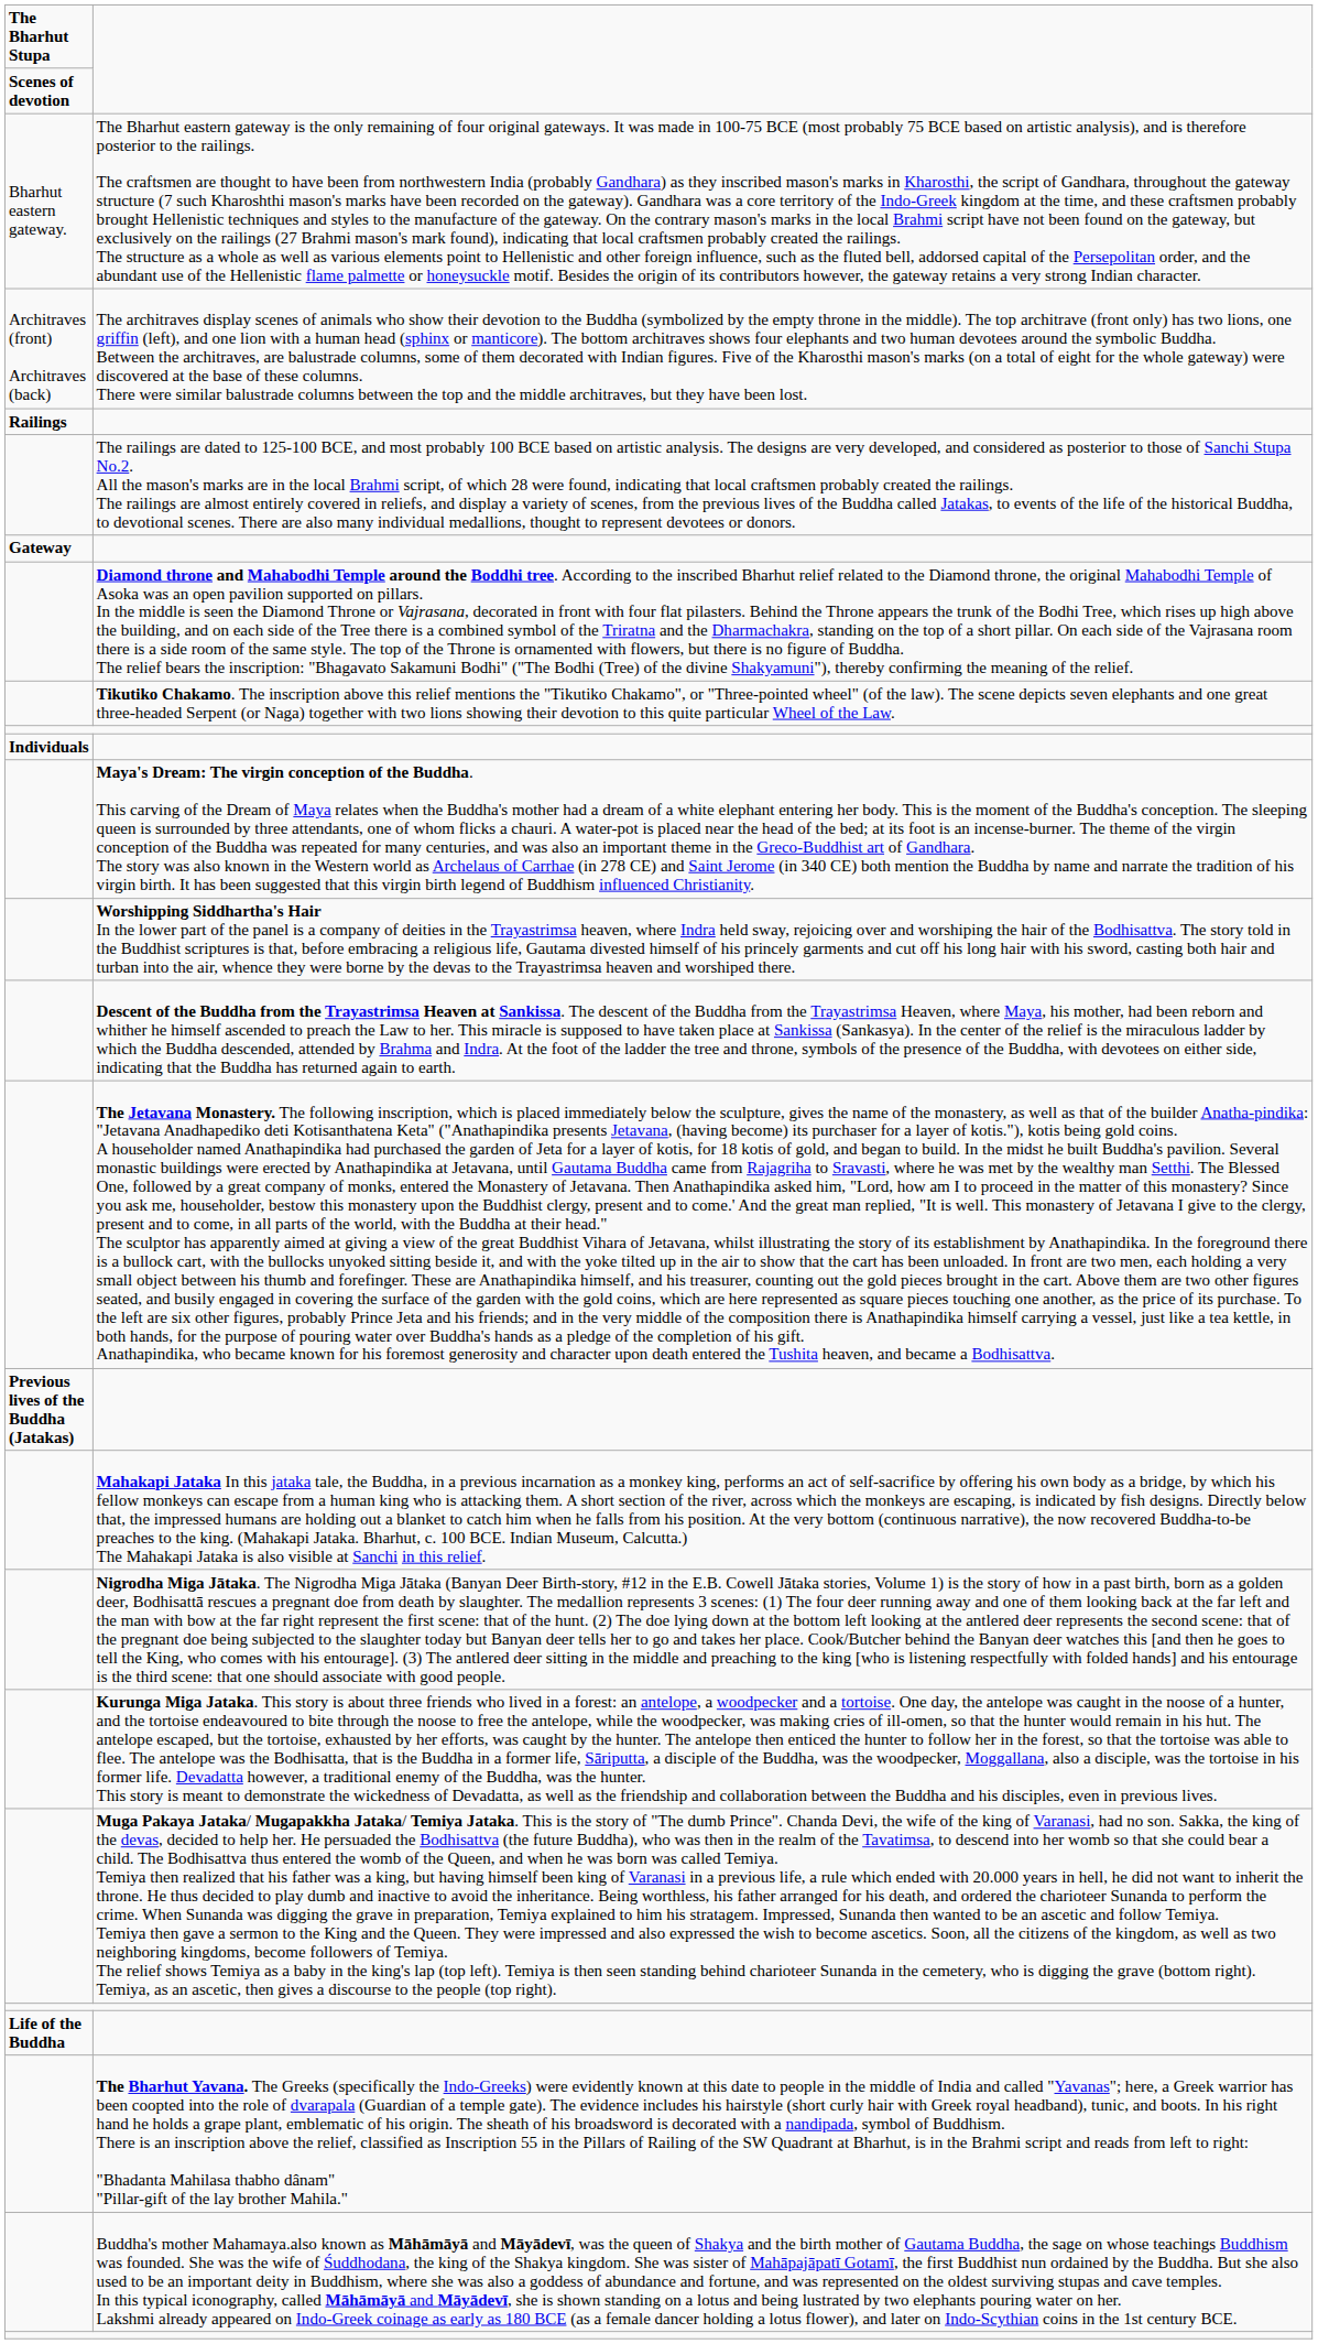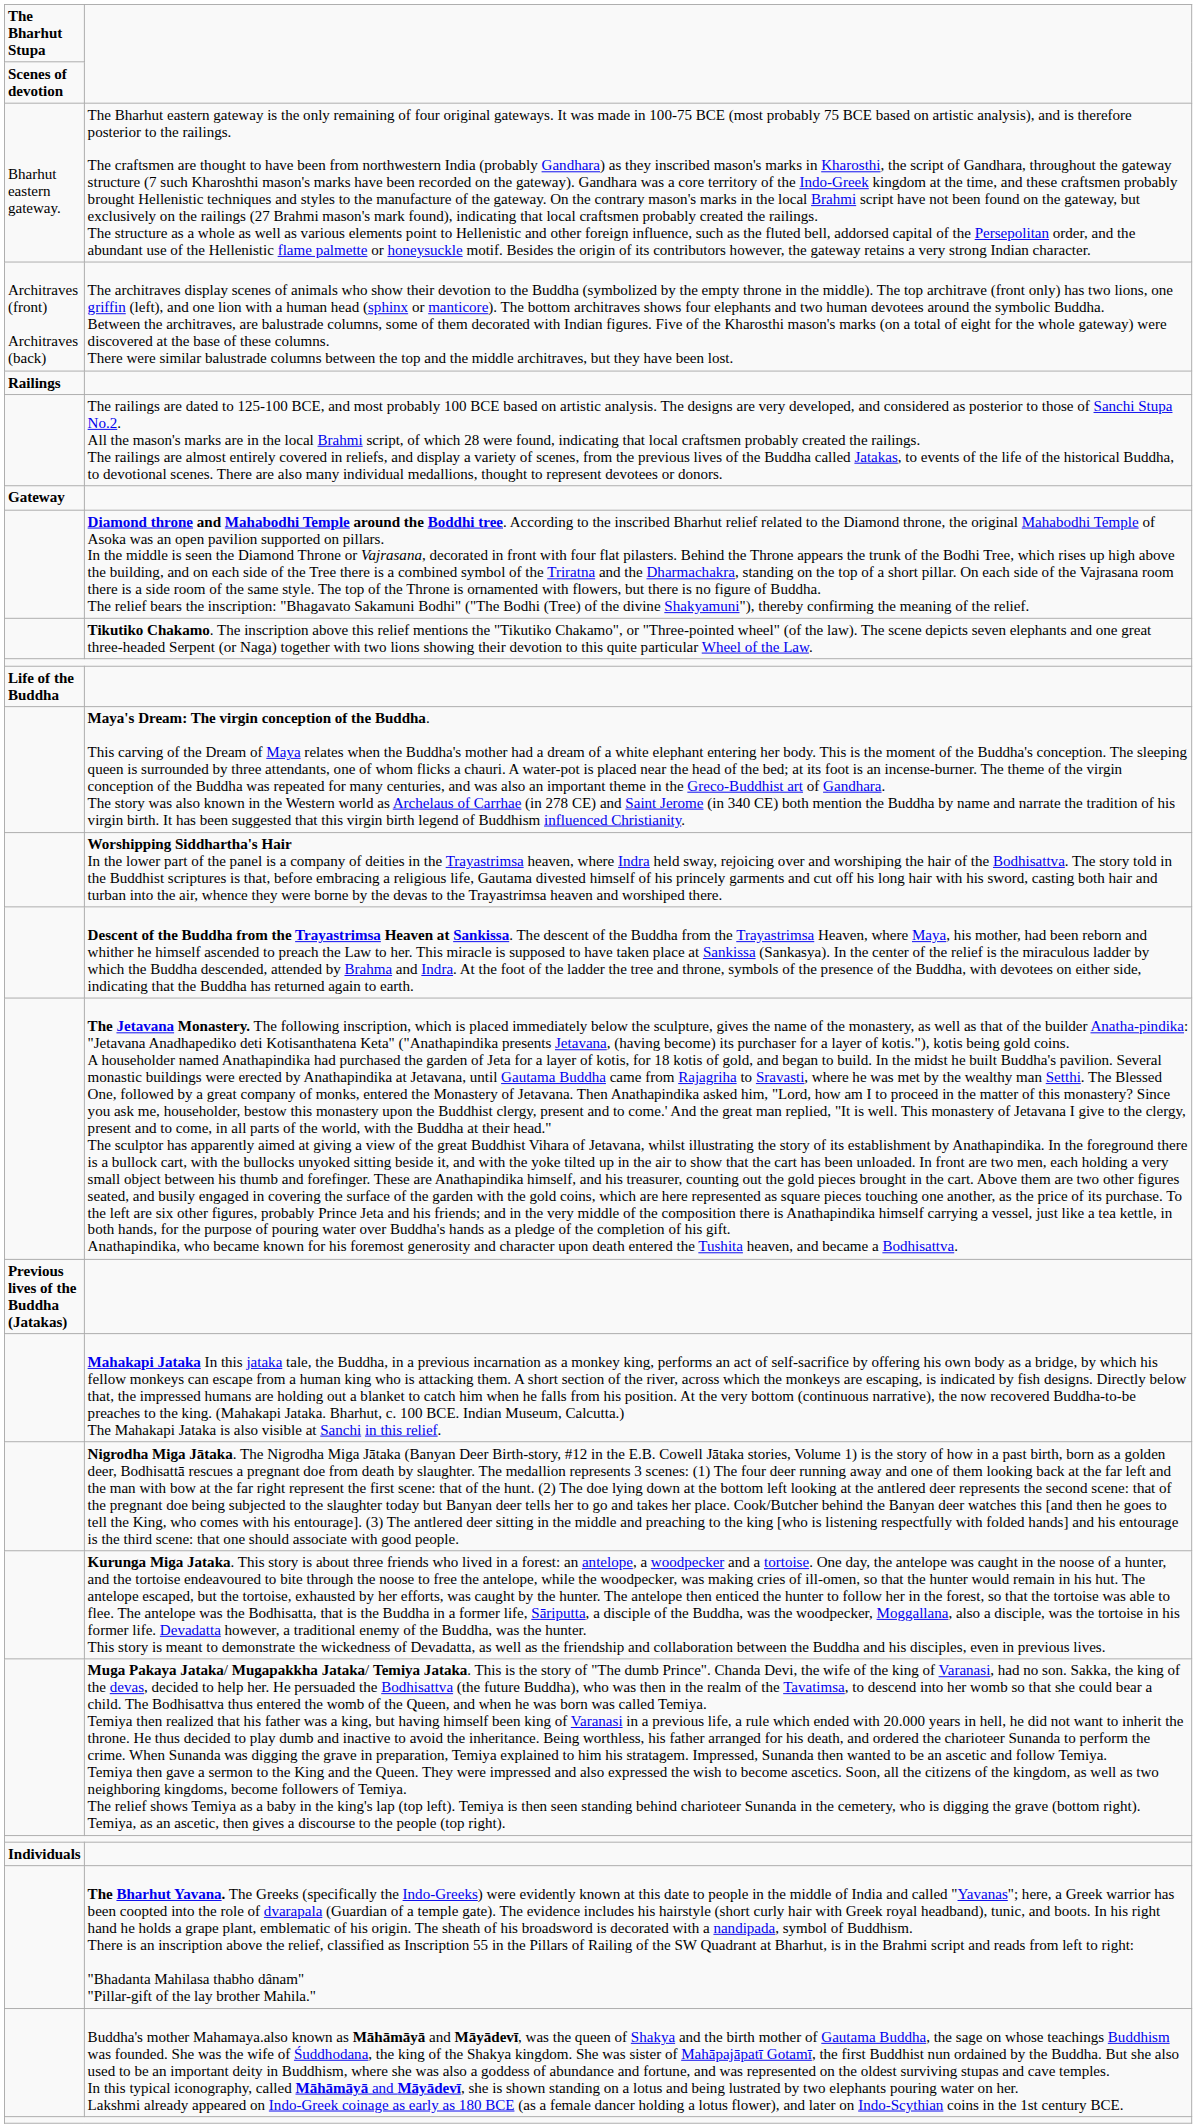 <table class="wikitable" style="margin:0 auto;"  align="center"  colspan="2" cellpadding="3" style="font-size: 80%; width: 100%;">
 <tr>
 <td state = ><strong>The Bharhut Stupa</strong></td>
 </tr>
 <tr>
 <td state = ><strong>Scenes of devotion</strong></td>
 </tr>
 <tr>
 <td><br>Bharhut eastern gateway.</td>
 <td>The Bharhut eastern gateway is the only remaining of four original gateways. It was made in 100-75 BCE (most probably 75 BCE based on artistic analysis), and is therefore posterior to the railings.<br><br>  The craftsmen are thought to have been from northwestern India (probably <a href='#'>Gandhara</a>) as they inscribed mason's marks in <a href='#'>Kharosthi</a>, the script of Gandhara, throughout the gateway structure (7 such Kharoshthi mason's marks have been recorded on the gateway). Gandhara was a core territory of the <a href='#'>Indo-Greek</a> kingdom at the time, and these craftsmen probably brought Hellenistic techniques and styles to the manufacture of the gateway. On the contrary mason's marks in the local <a href='#'>Brahmi</a> script have not been found on the gateway, but exclusively on the railings (27 Brahmi mason's mark found), indicating that local craftsmen probably created the railings.<br>The structure as a whole as well as various elements point to Hellenistic and other foreign influence, such as the fluted bell, addorsed capital of the <a href='#'>Persepolitan</a> order, and the abundant use of the Hellenistic <a href='#'>flame palmette</a> or <a href='#'>honeysuckle</a> motif. Besides the origin of its contributors however, the gateway retains a very strong Indian character.</td>
 </tr>
 <tr>
 <td><br>Architraves (front)<br><br>Architraves (back)</td>
 <td><br>The architraves display scenes of animals who show their devotion to the Buddha (symbolized by the empty throne in the middle). The top architrave (front only) has two lions, one <a href='#'>griffin</a> (left), and one lion with a human head (<a href='#'>sphinx</a> or <a href='#'>manticore</a>). The bottom architraves shows four elephants and two human devotees around the symbolic Buddha.<br> Between the architraves, are balustrade columns, some of them decorated with Indian figures. Five of the Kharosthi mason's marks (on a total of eight for the whole gateway) were discovered at the base of these columns.<br> There were similar balustrade columns between the top and the middle architraves, but they have been lost.</td>
 </tr>
 <tr>
 <td state = ><strong>Railings</strong></td>
 </tr>
 <tr>
 <td></td>
 <td>The railings are dated to 125-100 BCE, and most probably 100 BCE based on artistic analysis. The designs are very developed, and considered as posterior to those of <a href='#'>Sanchi Stupa No.2</a>.<br>All the mason's marks are in the local <a href='#'>Brahmi</a> script, of which 28 were found, indicating that local craftsmen probably created the railings.<br>The railings are almost entirely covered in reliefs, and display a variety of scenes, from the previous lives of the Buddha called <a href='#'>Jatakas</a>, to events of the life of the historical Buddha, to devotional scenes. There are also many individual medallions, thought to represent devotees or donors.</td>
 </tr>
 <tr>
 <td state = ><strong>Gateway</strong></td>
 </tr>
 <tr>
 <td align="center" style="font-size: 100%; width: 1%;"></td>
 <td><strong><a href='#'>Diamond throne</a> and <a href='#'>Mahabodhi Temple</a> around the <a href='#'>Boddhi tree</a></strong>. According to the inscribed Bharhut relief related to the Diamond throne, the original <a href='#'>Mahabodhi Temple</a> of Asoka was an open pavilion supported on pillars.<br> In the middle is seen the Diamond Throne or <em>Vajrasana</em>, decorated in front with four flat pilasters. Behind the Throne appears the trunk of the Bodhi Tree, which rises up high above the building, and on each side of the Tree there is a combined symbol of the <a href='#'>Triratna</a> and the <a href='#'>Dharmachakra</a>, standing on the top of a short pillar. On each side of the Vajrasana room there is a side room of the same style. The top of the Throne is ornamented with flowers, but there is no figure of Buddha.<br>The relief bears the inscription: "Bhagavato Sakamuni Bodhi" ("The Bodhi (Tree) of the divine <a href='#'>Shakyamuni</a>"), thereby confirming the meaning of the relief.</td>
 </tr>
 <tr>
 <td></td>
 <td><strong>Tikutiko Chakamo</strong>. The inscription above this relief mentions the "Tikutiko Chakamo", or "Three-pointed wheel" (of the law). The scene depicts seven elephants and one great three-headed Serpent (or Naga) together with two lions showing their devotion to this quite particular <a href='#'>Wheel of the Law</a>.</td>
 </tr>
 <tr>
 <td colspan=2></td>
 </tr>
 <tr>
-<td state = ><strong>Individuals</strong></td>
+<td state = ><strong>Life of the Buddha</strong></td>
 </tr>
 <tr>
 <td></td>
 <td><strong>Maya's Dream: The virgin conception of the Buddha</strong>.<br><br>This carving of the Dream of <a href='#'>Maya</a> relates when the Buddha's mother had a dream of a white elephant entering her body. This is the moment of the Buddha's conception. The sleeping queen is surrounded by three attendants, one of whom flicks a chauri. A water-pot is placed near the head of the bed; at its foot is an incense-burner. The theme of the virgin conception of the Buddha was repeated for many centuries, and was also an important theme in the <a href='#'>Greco-Buddhist art</a> of <a href='#'>Gandhara</a>.<br> The story was also known in the Western world as <a href='#'>Archelaus of Carrhae</a> (in 278 CE) and <a href='#'>Saint Jerome</a> (in 340 CE) both mention the Buddha by name and narrate the tradition of his virgin birth. It has been suggested that this virgin birth legend of Buddhism <a href='#'>influenced Christianity</a>. </td>
 </tr>
 <tr>
 <td></td>
 <td><strong>Worshipping Siddhartha's Hair</strong><br> In the lower part of the panel is a company of deities in the <a href='#'>Trayastrimsa</a> heaven, where <a href='#'>Indra</a> held sway, rejoicing over and worshiping the hair of the <a href='#'>Bodhisattva</a>. The story told in the Buddhist scriptures is that, before embracing a religious life, Gautama divested himself of his princely garments and cut off his long hair with his sword, casting both hair and turban into the air, whence they were borne by the devas to the Trayastrimsa heaven and worshiped there.</td>
 </tr>
 <tr>
 <td></td>
 <td><br> <strong>Descent of the Buddha from the <a href='#'>Trayastrimsa</a> Heaven at <a href='#'>Sankissa</a></strong>.  The descent of the Buddha from the <a href='#'>Trayastrimsa</a> Heaven, where <a href='#'>Maya</a>, his mother, had been reborn and whither he himself ascended to preach the Law to her. This miracle is supposed to have taken place at <a href='#'>Sankissa</a> (Sankasya). In the center of the relief is the miraculous ladder by which the Buddha descended, attended by <a href='#'>Brahma</a> and <a href='#'>Indra</a>. At the foot of the ladder the tree and throne, symbols of the presence of the Buddha, with devotees on either side, indicating that the Buddha has returned again to earth.</td>
 </tr>
 <tr>
 <td></td>
 <td><br> <strong>The <a href='#'>Jetavana</a> Monastery.</strong> The following inscription, which is placed immediately below the sculpture, gives the name of the monastery, as well as that of the builder <a href='#'>Anatha-pindika</a>: "Jetavana Anadhapediko deti Kotisanthatena Keta" ("Anathapindika presents <a href='#'>Jetavana</a>, (having become) its purchaser for a layer of kotis."), kotis being gold coins.<br>A householder named Anathapindika had purchased the garden of Jeta for a layer of kotis, for 18 kotis of gold, and began to build. In the midst he built Buddha's pavilion. Several monastic buildings were erected by Anathapindika at Jetavana, until <a href='#'>Gautama Buddha</a> came from <a href='#'>Rajagriha</a> to <a href='#'>Sravasti</a>, where he was met by the wealthy man <a href='#'>Setthi</a>. The Blessed One, followed by a great company of monks, entered the Monastery of Jetavana. Then Anathapindika asked him, "Lord, how am I to proceed in the matter of this monastery? Since you ask me, householder, bestow this monastery upon the Buddhist clergy, present and to come.' And the great man replied, "It is well. This monastery of Jetavana I give to the clergy, present and to come, in all parts of the world, with the Buddha at their head."<br>The sculptor has apparently aimed at giving a view of the great Buddhist Vihara of Jetavana, whilst illustrating the story of its establishment by Anathapindika. In the foreground there is a bullock cart, with the bullocks unyoked sitting beside it, and with the yoke tilted up in the air to show that the cart has been unloaded. In front are two men, each holding a very small object between his thumb and forefinger. These are Anathapindika himself, and his treasurer, counting out the gold pieces brought in the cart. Above them are two other figures seated, and busily engaged in covering the surface of the garden with the gold coins, which are here represented as square pieces touching one another, as the price of its purchase. To the left are six other figures, probably Prince Jeta and his friends; and in the very middle of the composition there is Anathapindika himself carrying a vessel, just like a tea kettle, in both hands, for the purpose of pouring water over Buddha's hands as a pledge of the completion of his gift.<br>Anathapindika, who became known for  his foremost generosity and character upon death entered the <a href='#'>Tushita</a> heaven, and became a <a href='#'>Bodhisattva</a>.</td>
 </tr>
 <tr>
 <td state = ><strong>Previous lives of the Buddha (Jatakas)</strong></td>
 </tr>
 <tr>
 <td></td>
 <td><br><strong><a href='#'>Mahakapi Jataka</a></strong> In this <a href='#'>jataka</a> tale, the Buddha, in a previous incarnation as a monkey king, performs an act of self-sacrifice by offering his own body as a bridge, by which his fellow monkeys can escape from a human king who is attacking them. A short section of the river, across which the monkeys are escaping, is indicated by fish designs. Directly below that, the impressed humans are holding out a blanket to catch him when he falls from his position. At the very bottom (continuous narrative), the now recovered Buddha-to-be preaches to the king. (Mahakapi Jataka. Bharhut, c. 100 BCE. Indian Museum, Calcutta.)<br> The Mahakapi Jataka is also visible at <a href='#'>Sanchi</a> <a href='#'>in this relief</a>.</td>
 </tr>
 <tr>
 <td></td>
 <td><strong>Nigrodha Miga Jātaka</strong>. The Nigrodha Miga Jātaka (Banyan Deer Birth-story, #12 in the E.B. Cowell Jātaka stories, Volume 1) is the story of how in a past birth, born as a golden deer, Bodhisattā rescues a pregnant doe from death by slaughter. The medallion represents 3 scenes: (1) The four deer running away and one of them looking back at the far left and the man with bow at the far right represent the first scene: that of the hunt.  (2) The doe lying down at the bottom left looking at the antlered deer represents the second scene: that of the pregnant doe being subjected to the slaughter today but Banyan deer tells her to go and takes her place.  Cook/Butcher behind the Banyan deer watches this [and then he goes to tell the King, who comes with his entourage].  (3) The antlered deer sitting in the middle and preaching to the king [who is listening respectfully with folded hands] and his entourage is the third scene: that one should associate with good people.</td>
 </tr>
 <tr>
 <td></td>
 <td><strong>Kurunga Miga Jataka</strong>. This story is about three friends who lived in a forest: an <a href='#'>antelope</a>, a <a href='#'>woodpecker</a> and a <a href='#'>tortoise</a>. One day, the antelope was caught in the noose of a hunter, and the tortoise endeavoured to bite through the noose to free the antelope, while the woodpecker, was making cries of ill-omen, so that the hunter would remain in his hut. The antelope escaped, but the tortoise, exhausted by her efforts, was caught by the hunter. The antelope then enticed the hunter to follow her in the forest, so that the tortoise was able to flee. The antelope was the Bodhisatta, that is the Buddha in a former life, <a href='#'>Sāriputta</a>, a disciple of the Buddha, was the woodpecker, <a href='#'>Moggallana</a>, also a disciple, was the tortoise in his former life.  <a href='#'>Devadatta</a> however, a traditional enemy of the Buddha, was the hunter.<br>This story is meant to demonstrate the wickedness of Devadatta, as well as the friendship and collaboration between the Buddha and his disciples, even in previous lives.</td>
 </tr>
 <tr>
 <td></td>
 <td><strong>Muga Pakaya Jataka</strong>/ <strong>Mugapakkha Jataka</strong>/ <strong>Temiya Jataka</strong>. This is the story of "The dumb Prince". Chanda Devi, the wife of the king of <a href='#'>Varanasi</a>, had no son. Sakka, the king of the <a href='#'>devas</a>, decided to help her. He persuaded the <a href='#'>Bodhisattva</a> (the future Buddha), who was then in the realm of the <a href='#'>Tavatimsa</a>, to descend into her womb so that she could bear a child. The Bodhisattva thus entered the womb of the Queen, and when he was born was called Temiya.<br>Temiya then realized that his father was a king, but having himself been king of <a href='#'>Varanasi</a> in a previous life, a rule which ended with 20.000 years in hell, he did not want to inherit the throne. He thus decided to play dumb and inactive to avoid the inheritance. Being worthless, his father arranged for his death, and ordered the charioteer Sunanda to perform the crime. When Sunanda was digging the grave in preparation, Temiya explained to him his stratagem. Impressed, Sunanda then wanted to be an ascetic and follow Temiya.<br>Temiya then gave a sermon to the King and the Queen. They were impressed and also expressed the wish to become ascetics. Soon, all the citizens of the kingdom, as well as two neighboring kingdoms, become followers of Temiya.<br>The relief shows Temiya as a baby in the king's lap (top left). Temiya is then seen standing behind charioteer Sunanda in the cemetery, who is digging the grave (bottom right). Temiya, as an ascetic, then gives a discourse to the people (top right).</td>
 </tr>
 <tr>
 <td align=center colspan=2></td>
 </tr>
 <tr>
-<td state = ><strong>Life of the Buddha</strong></td>
+<td state = ><strong>Individuals</strong></td>
 </tr>
 <tr>
 <td align="center"></td>
 <td><br><strong>The <a href='#'>Bharhut Yavana</a>.</strong> The Greeks (specifically the <a href='#'>Indo-Greeks</a>) were evidently known at this date to people in the middle of India and called "<a href='#'>Yavanas</a>"; here, a Greek warrior has been coopted into the role of <a href='#'>dvarapala</a> (Guardian of a temple gate). The evidence includes his hairstyle (short curly hair with Greek royal headband), tunic, and boots. In his right hand he holds a grape plant, emblematic of his origin. The sheath of his broadsword is decorated with a <a href='#'>nandipada</a>, symbol of Buddhism.<br>There is an inscription above the relief, classified as Inscription 55 in the Pillars of Railing of the SW Quadrant at Bharhut, is in the Brahmi script and reads from left to right:<br><br>"Bhadanta Mahilasa thabho dânam"<br>  "Pillar-gift of the lay brother Mahila."</td>
 </tr>
 <tr>
 <td></td>
 <td><br>Buddha's mother Mahamaya.also known as <strong>Māhāmāyā</strong> and <strong>Māyādevī</strong>, was the queen of <a href='#'>Shakya</a> and the birth mother of <a href='#'>Gautama Buddha</a>, the sage on whose teachings <a href='#'>Buddhism</a> was founded. She was the wife of <a href='#'>Śuddhodana</a>, the king of the Shakya kingdom. She was sister of <a href='#'>Mahāpajāpatī Gotamī</a>, the first Buddhist nun ordained by the Buddha. But she also used to be an important deity in Buddhism, where she was also a goddess of abundance and fortune, and was represented on the oldest surviving stupas and cave temples.<br> In this typical iconography, called  <a href='#'><strong>Māhāmāyā</strong> and <strong>Māyādevī</strong></a>,  she is shown standing on a lotus and being lustrated by two elephants pouring water on her.<br> Lakshmi already appeared on <a href='#'>Indo-Greek coinage as early as 180 BCE</a> (as a female dancer holding a lotus flower), and later on <a href='#'>Indo-Scythian</a> coins in the 1st century BCE.</td>
 </tr>
 <tr>
 <td align=center colspan=2></td>
 </tr>
 </table>
